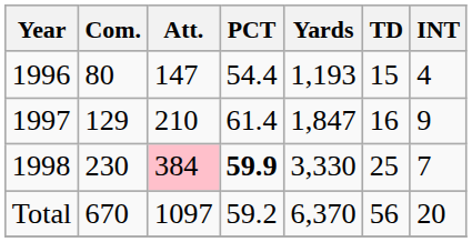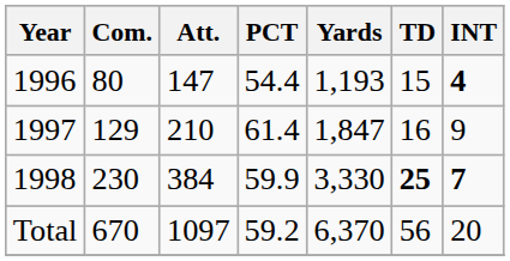 <table class="wikitable">
 <tr>
 <th><small>Year</small></th>
 <th><small>Com.</small></th>
 <th><small>Att.</small></th>
 <th><small>PCT</small></th>
 <th><small>Yards</small></th>
 <th><small>TD</small></th>
 <th><small>INT</small></th>
 </tr>
 <tr>
 <td>1996</td>
 <td>80</td>
 <td>147</td>
 <td>54.4</td>
 <td>1,193</td>
 <td>15</td>
-<td>4</td>
+<td><strong>4</strong></td>
 </tr>
 <tr>
 <td>1997</td>
 <td>129</td>
 <td>210</td>
 <td>61.4</td>
 <td>1,847</td>
 <td>16</td>
 <td>9</td>
 </tr>
 <tr>
 <td>1998</td>
 <td>230</td>
-<td style="background: pink;">384</td>
-<td><strong>59.9</strong></td>
+<td>384</td>
+<td>59.9</td>
 <td>3,330</td>
-<td>25</td>
-<td>7</td>
+<td><strong>25</strong></td>
+<td><strong>7</strong></td>
 </tr>
 <tr>
 <td>Total</td>
 <td>670</td>
 <td>1097</td>
 <td>59.2</td>
 <td>6,370</td>
 <td>56</td>
 <td>20</td>
 </tr>
 <tr>
 </tr>
 </table>
